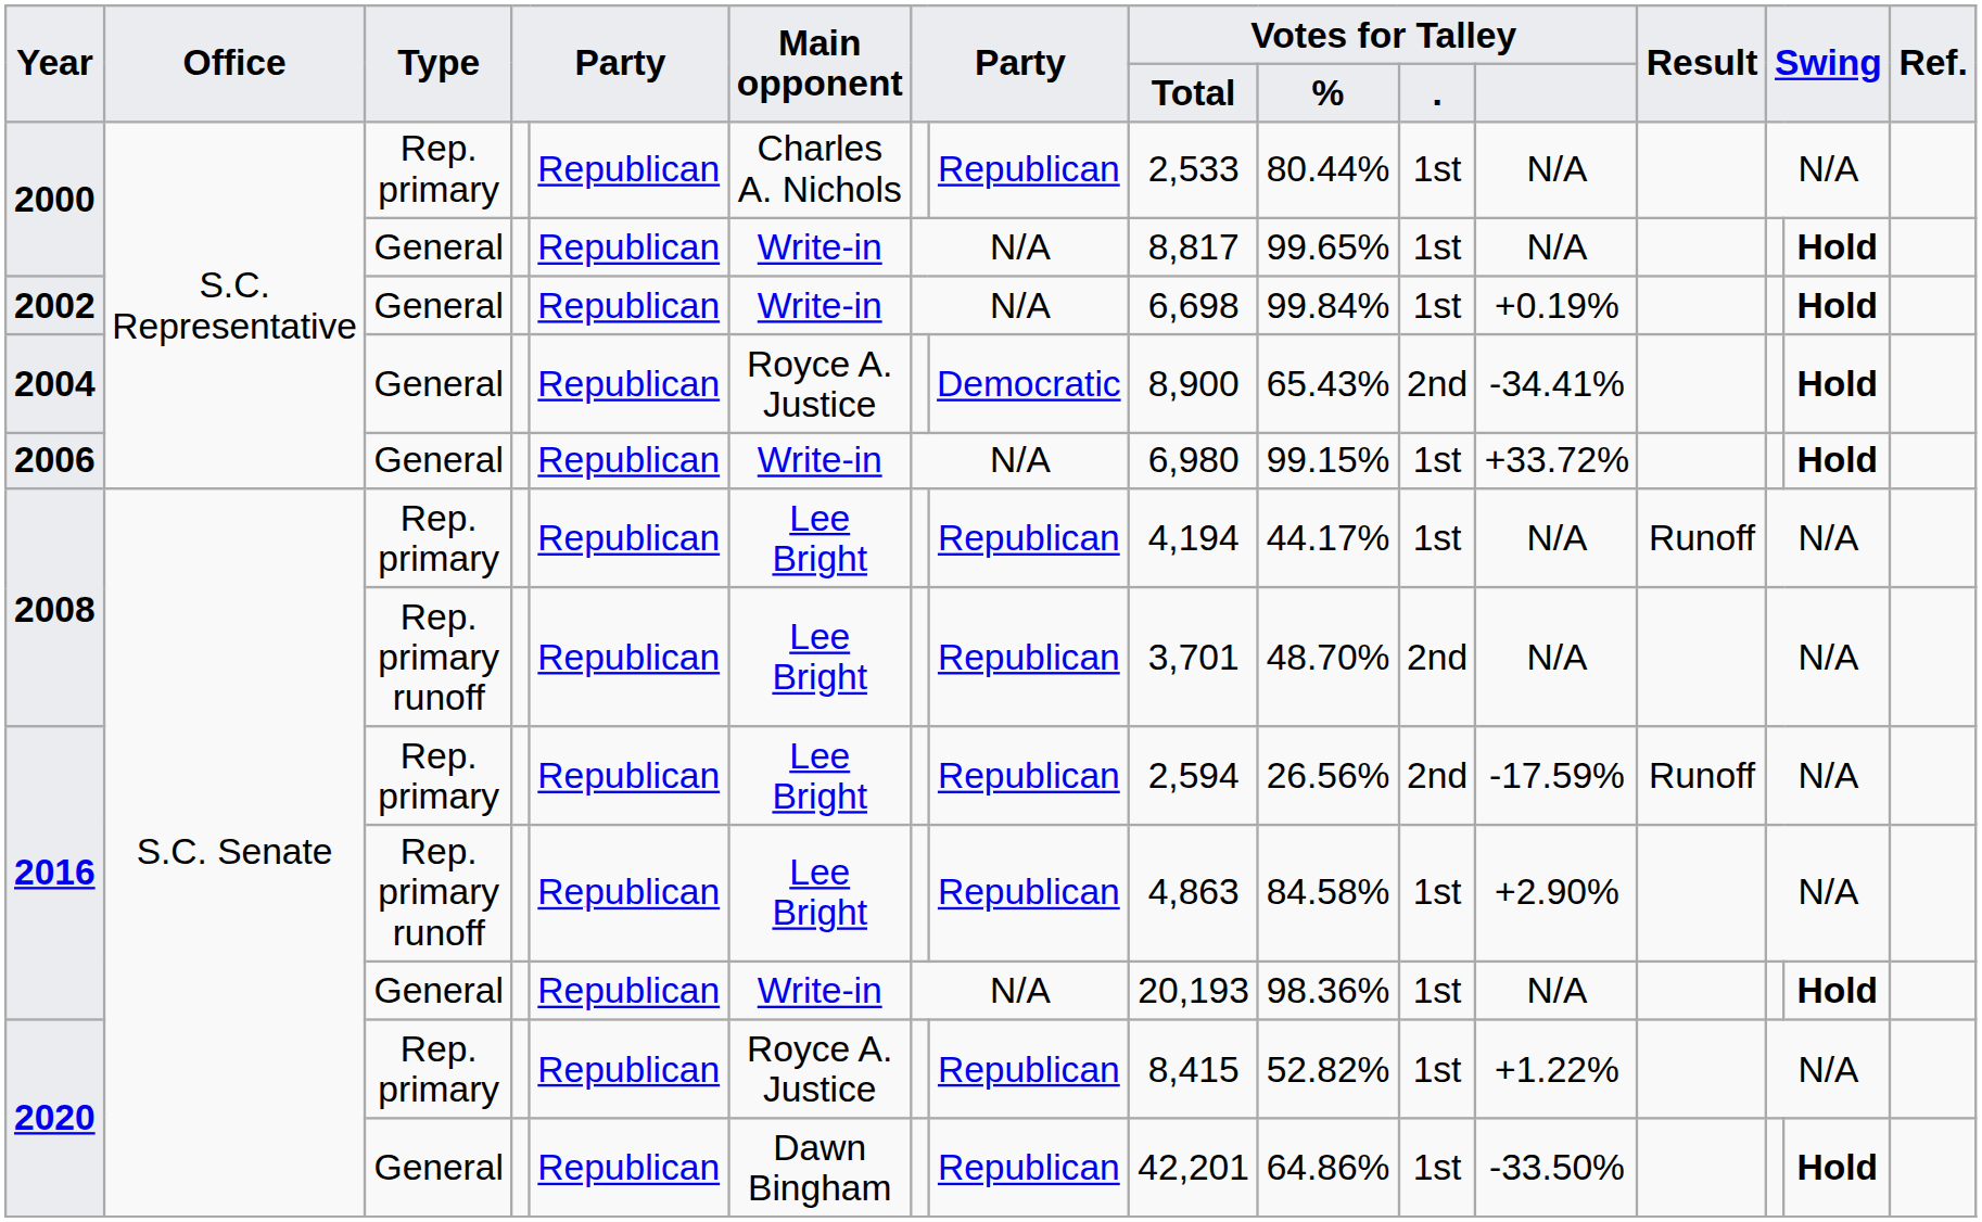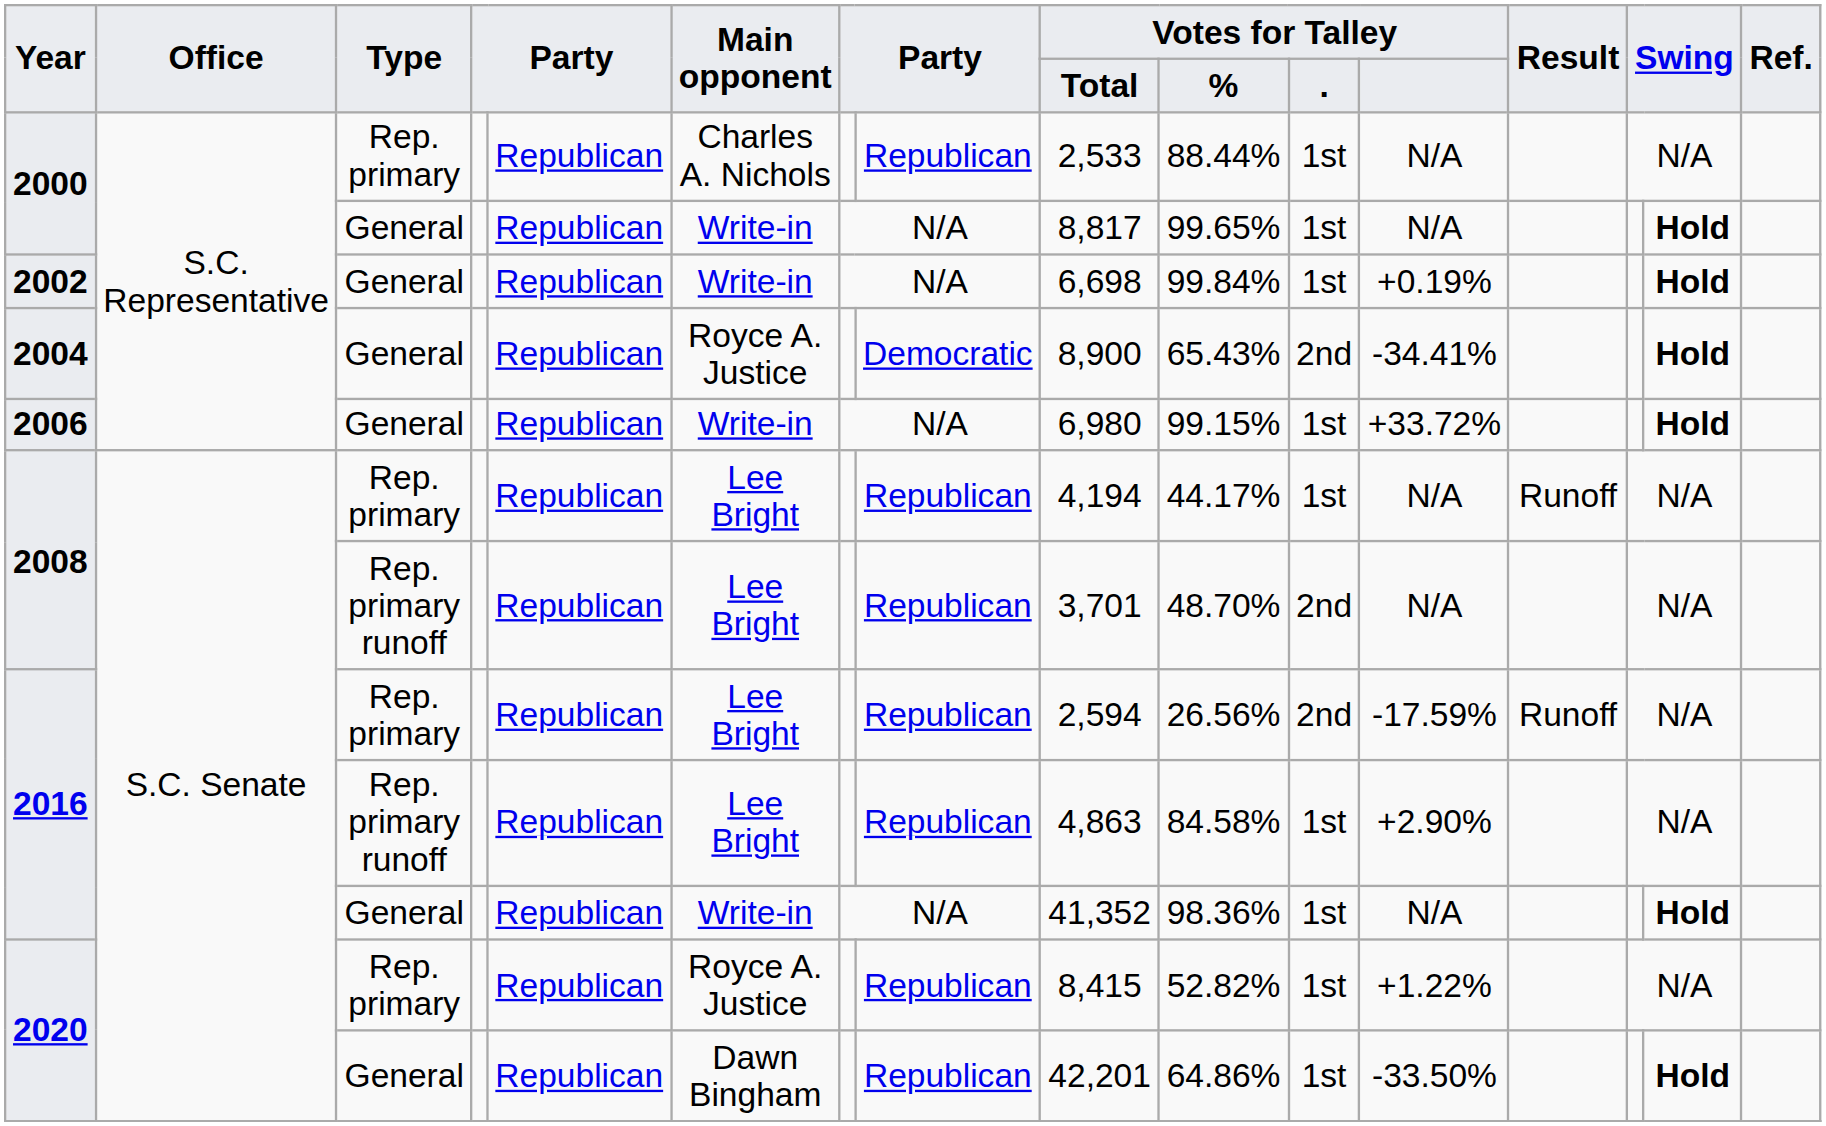 <table class="wikitable" style="font-size: 90%; text-align:center;">
 <tr>
 <th style="background-color:#EAECF0;" rowspan=2>Year</th>
 <th style="background-color:#EAECF0;" rowspan=2>Office</th>
 <th style="background-color:#EAECF0;" rowspan=2>Type</th>
 <th style="background-color:#EAECF0;" colspan=2 rowspan=2>Party</th>
 <th style="background-color:#EAECF0;" rowspan=2>Main opponent</th>
 <th style="background-color:#EAECF0;" colspan=2 rowspan=2>Party</th>
 <th style="background-color:#EAECF0;" colspan=4>Votes for Talley</th>
 <th style="background-color:#EAECF0;" rowspan=2>Result</th>
 <th style="background-color:#EAECF0;" colspan=2 rowspan=2><a href='#'>Swing</a></th>
 <th style="background-color:#EAECF0;" colspan=2 rowspan=2>Ref.</th>
 </tr>
 <tr>
 <th style="background-color:#EAECF0;">Total</th>
 <th style="background-color:#EAECF0;">%</th>
 <th style="background-color:#EAECF0;">.</th>
 <th style="background-color:#EAECF0;"></th>
 </tr>
 <tr>
 <th rowspan=2 style="background-color:#EAECF0;">2000</th>
 <td rowspan=5>S.C. Representative</td>
 <td>Rep. primary</td>
 <td style="background-color:"></td>
 <td><a href='#'>Republican</a></td>
 <td>Charles A. Nichols</td>
 <td style="background-color:"></td>
 <td><a href='#'>Republican</a></td>
 <td>2,533</td>
-<td>80.44%</td>
+<td>88.44%</td>
 <td>1st</td>
 <td>N/A</td>
 <td></td>
 <td colspan=2>N/A</td>
 <td></td>
 </tr>
 <tr>
 <td>General</td>
 <td style="background-color:"></td>
 <td><a href='#'>Republican</a></td>
 <td><a href='#'>Write-in</a></td>
 <td colspan=2>N/A</td>
 <td>8,817</td>
 <td>99.65%</td>
 <td>1st</td>
 <td>N/A</td>
 <td></td>
 <td style="background-color:"></td>
 <td><strong>Hold</strong></td>
 <td></td>
 </tr>
 <tr>
 <th style="background-color:#EAECF0;">2002</th>
 <td>General</td>
 <td style="background-color:"></td>
 <td><a href='#'>Republican</a></td>
 <td><a href='#'>Write-in</a></td>
 <td colspan=2>N/A</td>
 <td>6,698</td>
 <td>99.84%</td>
 <td>1st</td>
 <td>+0.19%</td>
 <td></td>
 <td style="background-color:"></td>
 <td><strong>Hold</strong></td>
 <td></td>
 </tr>
 <tr>
 <th style="background-color:#EAECF0;">2004</th>
 <td>General</td>
 <td style="background-color:"></td>
 <td><a href='#'>Republican</a></td>
 <td>Royce A. Justice</td>
 <td style="background-color:"></td>
 <td><a href='#'>Democratic</a></td>
 <td>8,900</td>
 <td>65.43%</td>
 <td>2nd</td>
 <td>-34.41%</td>
 <td></td>
 <td style="background-color:"></td>
 <td><strong>Hold</strong></td>
 <td></td>
 </tr>
 <tr>
 <th style="background-color:#EAECF0;">2006</th>
 <td>General</td>
 <td style="background-color:"></td>
 <td><a href='#'>Republican</a></td>
 <td><a href='#'>Write-in</a></td>
 <td colspan=2>N/A</td>
 <td>6,980</td>
 <td>99.15%</td>
 <td>1st</td>
 <td>+33.72%</td>
 <td></td>
 <td style="background-color:"></td>
 <td><strong>Hold</strong></td>
 <td></td>
 </tr>
 <tr>
 <th rowspan=2 style="background-color:#EAECF0;">2008</th>
 <td rowspan=7>S.C. Senate</td>
 <td>Rep. primary</td>
 <td style="background-color:"></td>
 <td><a href='#'>Republican</a></td>
 <td><a href='#'>Lee Bright</a></td>
 <td style="background-color:"></td>
 <td><a href='#'>Republican</a></td>
 <td>4,194</td>
 <td>44.17%</td>
 <td>1st</td>
 <td>N/A</td>
 <td>Runoff</td>
 <td colspan=2>N/A</td>
 <td></td>
 </tr>
 <tr>
 <td>Rep. primary runoff</td>
 <td style="background-color:"></td>
 <td><a href='#'>Republican</a></td>
 <td><a href='#'>Lee Bright</a></td>
 <td style="background-color:"></td>
 <td><a href='#'>Republican</a></td>
 <td>3,701</td>
 <td>48.70%</td>
 <td>2nd</td>
 <td>N/A</td>
 <td></td>
 <td colspan=2>N/A</td>
 <td></td>
 </tr>
 <tr>
 <th rowspan=3 style="background-color:#EAECF0;"><a href='#'>2016</a></th>
 <td>Rep. primary</td>
 <td style="background-color:"></td>
 <td><a href='#'>Republican</a></td>
 <td><a href='#'>Lee Bright</a></td>
 <td style="background-color:"></td>
 <td><a href='#'>Republican</a></td>
 <td>2,594</td>
 <td>26.56%</td>
 <td>2nd</td>
 <td>-17.59%</td>
 <td>Runoff</td>
 <td colspan=2>N/A</td>
 <td></td>
 </tr>
 <tr>
 <td>Rep. primary runoff</td>
 <td style="background-color:"></td>
 <td><a href='#'>Republican</a></td>
 <td><a href='#'>Lee Bright</a></td>
 <td style="background-color:"></td>
 <td><a href='#'>Republican</a></td>
 <td>4,863</td>
 <td>84.58%</td>
 <td>1st</td>
 <td>+2.90%</td>
 <td></td>
 <td colspan=2>N/A</td>
 <td></td>
 </tr>
 <tr>
 <td>General</td>
 <td style="background-color:"></td>
 <td><a href='#'>Republican</a></td>
 <td><a href='#'>Write-in</a></td>
 <td colspan=2>N/A</td>
-<td>20,193</td>
+<td>41,352</td>
 <td>98.36%</td>
 <td>1st</td>
 <td>N/A</td>
 <td></td>
 <td style="background-color:"></td>
 <td><strong>Hold</strong></td>
 <td></td>
 </tr>
 <tr>
 <th rowspan=2 style="background-color:#EAECF0;"><a href='#'>2020</a></th>
 <td>Rep. primary</td>
 <td style="background-color:"></td>
 <td><a href='#'>Republican</a></td>
 <td>Royce A. Justice</td>
 <td style="background-color:"></td>
 <td><a href='#'>Republican</a></td>
 <td>8,415</td>
 <td>52.82%</td>
 <td>1st</td>
 <td>+1.22%</td>
 <td></td>
 <td colspan=2>N/A</td>
 <td></td>
 </tr>
 <tr>
 <td>General</td>
 <td style="background-color:"></td>
 <td><a href='#'>Republican</a></td>
 <td>Dawn Bingham</td>
 <td style="background-color:"></td>
 <td><a href='#'>Republican</a></td>
 <td>42,201</td>
 <td>64.86%</td>
 <td>1st</td>
 <td>-33.50%</td>
 <td></td>
 <td style="background-color:"></td>
 <td><strong>Hold</strong></td>
 <td></td>
 </tr>
 <tr>
 </tr>
 </table>
